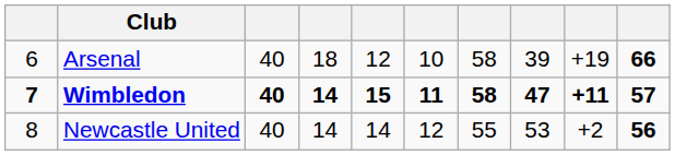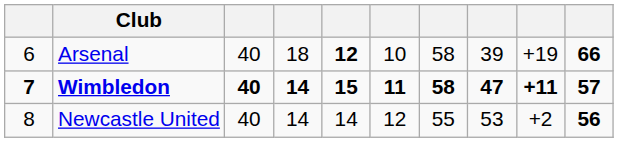 <table class="wikitable" style="text-align:center">
 <tr>
 <th width=30></th>
 <th>Club</th>
 <th width=30></th>
 <th width=30></th>
 <th width=30></th>
 <th width=30></th>
 <th width=30></th>
 <th width=30></th>
 <th width=30></th>
 <th width=30></th>
 </tr>
 <tr>
 <td>6</td>
 <td align=left><a href='#'>Arsenal</a></td>
 <td>40</td>
 <td>18</td>
-<td>12</td>
+<td><strong>12</strong></td>
 <td>10</td>
 <td>58</td>
 <td>39</td>
 <td>+19</td>
 <td><strong>66</strong></td>
 </tr>
 <tr style=font-weight:bold>
 <td>7</td>
 <td align=left><a href='#'>Wimbledon</a></td>
 <td>40</td>
 <td>14</td>
 <td>15</td>
 <td>11</td>
 <td>58</td>
 <td>47</td>
 <td>+11</td>
 <td><strong>57</strong></td>
 </tr>
 <tr>
 <td>8</td>
 <td align=left><a href='#'>Newcastle United</a></td>
 <td>40</td>
 <td>14</td>
 <td>14</td>
 <td>12</td>
 <td>55</td>
 <td>53</td>
 <td>+2</td>
 <td><strong>56</strong></td>
 </tr>
 </table>
